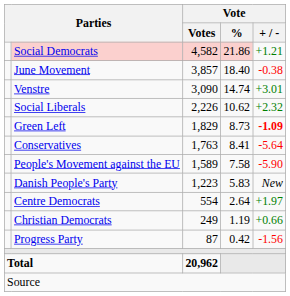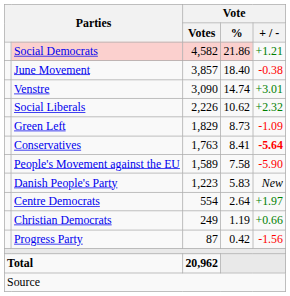 <table class="wikitable" style="text-align:right;">
 <tr>
 <th style="text-align:centre;" rowspan="2" colspan="2" width="225">Parties</th>
 <th colspan="3">Vote</th>
 </tr>
 <tr>
 <th width="15">Votes</th>
 <th width="15">%</th>
 <th width="15">+ / -</th>
 </tr>
 <tr>
 <td width="2" style="color:inherit;background:"></td>
 <td bgcolor=#fbd0ce   align="left"><a href='#'>Social Democrats</a></td>
 <td bgcolor=#fbd0ce>4,582</td>
 <td bgcolor=#fbd0ce>21.86</td>
 <td style=color:green;>+1.21</td>
 </tr>
 <tr>
 <td width="2" style="color:inherit;background:"></td>
 <td align="left"><a href='#'>June Movement</a></td>
 <td>3,857</td>
 <td>18.40</td>
 <td style=color:red;>-0.38</td>
 </tr>
 <tr>
 <td width="2" style="color:inherit;background:"></td>
 <td align="left"><a href='#'>Venstre</a></td>
 <td>3,090</td>
 <td>14.74</td>
 <td style=color:green;>+3.01</td>
 </tr>
 <tr>
 <td width="2" style="color:inherit;background:"></td>
 <td align="left"><a href='#'>Social Liberals</a></td>
 <td>2,226</td>
 <td>10.62</td>
 <td style=color:green;>+2.32</td>
 </tr>
 <tr>
 <td width="2" style="color:inherit;background:"></td>
 <td align="left"><a href='#'>Green Left</a></td>
 <td>1,829</td>
 <td>8.73</td>
-<td style=color:red;><strong>-1.09</strong></td>
+<td style=color:red;>-1.09</td>
 </tr>
 <tr>
 <td width="2" style="color:inherit;background:"></td>
 <td align="left"><a href='#'>Conservatives</a></td>
 <td>1,763</td>
 <td>8.41</td>
-<td style=color:red;>-5.64</td>
+<td style=color:red;><strong>-5.64</strong></td>
 </tr>
 <tr>
 <td width="2" style="color:inherit;background:"></td>
 <td align="left"><a href='#'>People's Movement against the EU</a></td>
 <td>1,589</td>
 <td>7.58</td>
 <td style=color:red;>-5.90</td>
 </tr>
 <tr>
 <td width="2" style="color:inherit;background:"></td>
 <td align="left"><a href='#'>Danish People's Party</a></td>
 <td>1,223</td>
 <td>5.83</td>
 <td><em>New</em></td>
 </tr>
 <tr>
 <td width="2" style="color:inherit;background:"></td>
 <td align="left"><a href='#'>Centre Democrats</a></td>
 <td>554</td>
 <td>2.64</td>
 <td style=color:green;>+1.97</td>
 </tr>
 <tr>
 <td width="2" style="color:inherit;background:"></td>
 <td align="left"><a href='#'>Christian Democrats</a></td>
 <td>249</td>
 <td>1.19</td>
 <td style=color:green;>+0.66</td>
 </tr>
 <tr>
 <td width="2" style="color:inherit;background:"></td>
 <td align="left"><a href='#'>Progress Party</a></td>
 <td>87</td>
 <td>0.42</td>
 <td style=color:red;>-1.56</td>
 </tr>
 <tr>
 <td colspan="7" bgcolor="#E9E9E9"></td>
 </tr>
 <tr>
 <td align="left" colspan="2"><strong>Total</strong></td>
 <td><strong>20,962</strong></td>
 <td bgcolor="#E9E9E9" colspan="2"></td>
 </tr>
 <tr>
 <td align="left" colspan="6">Source</td>
 </tr>
 </table>
